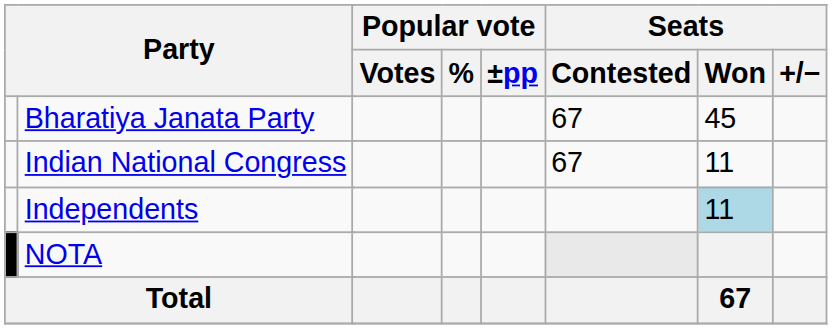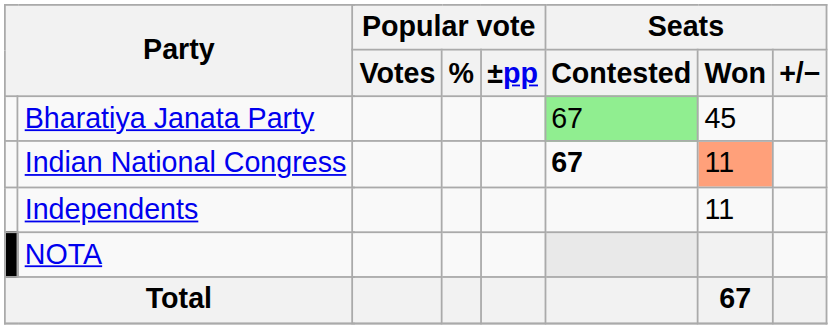 <table class="wikitable">
 <tr>
 <th colspan="4" rowspan="2">Party</th>
 <th colspan="3">Popular vote</th>
 <th colspan="3">Seats</th>
 </tr>
 <tr>
 <th>Votes</th>
 <th>%</th>
 <th>±<a href='#'>pp</a></th>
 <th>Contested</th>
 <th>Won</th>
 <th><strong>+/−</strong></th>
 </tr>
 <tr>
 <td></td>
 <td colspan="3"><a href='#'>Bharatiya Janata Party</a></td>
 <td></td>
 <td></td>
 <td></td>
-<td>67</td>
+<td style="background: lightgreen;">67</td>
 <td>45</td>
 <td></td>
 </tr>
 <tr>
 <td></td>
 <td colspan="3"><a href='#'>Indian National Congress</a></td>
 <td></td>
 <td></td>
 <td></td>
-<td>67</td>
-<td>11</td>
+<td><strong>67</strong></td>
+<td style="background: lightsalmon;">11</td>
 <td></td>
 </tr>
 <tr>
 <td></td>
 <td colspan="3"><a href='#'>Independents</a></td>
 <td></td>
 <td></td>
 <td></td>
 <td></td>
-<td style="background: lightblue;">11</td>
+<td>11</td>
 <td></td>
 </tr>
 <tr>
 <td style="background:Black; color:White"></td>
 <td colspan="3"><a href='#'>NOTA</a></td>
 <td></td>
 <td></td>
 <td></td>
 <th style="background-color:#E9E9E9"></th>
 <th></th>
 <td></td>
 </tr>
 <tr>
 <th colspan="4">Total</th>
 <th></th>
 <th></th>
 <th></th>
 <th></th>
 <th>67</th>
 <th></th>
 </tr>
 <tr>
 </tr>
 </table>
